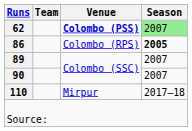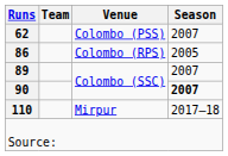 <table class="wikitable">
 <tr>
 <th align="center"><strong><a href='#'>Runs</a></strong></th>
 <th align="center"><strong>Team</strong></th>
 <th align="center"><strong>Venue</strong></th>
 <th align="center"><strong>Season</strong></th>
 </tr>
 <tr>
 <th>62</th>
 <td></td>
-<td><strong><a href='#'>Colombo (PSS)</a></strong></td>
-<td style="background: lightgreen;">2007</td>
+<td><a href='#'>Colombo (PSS)</a></td>
+<td>2007</td>
 </tr>
 <tr>
 <th>86</th>
 <td></td>
 <td><a href='#'>Colombo (RPS)</a></td>
-<td><strong>2005</strong></td>
+<td>2005</td>
 </tr>
 <tr>
 <th>89</th>
 <td></td>
 <td rowspan=2><a href='#'>Colombo (SSC)</a></td>
 <td>2007</td>
 </tr>
 <tr>
 <th>90</th>
 <td></td>
-<td>2007</td>
+<td><strong>2007</strong></td>
 </tr>
 <tr>
 <th>110</th>
 <td></td>
 <td><a href='#'>Mirpur</a></td>
 <td>2017–18</td>
 </tr>
 <tr>
 <td colspan="5"><br>Source:</td>
 </tr>
 </table>
